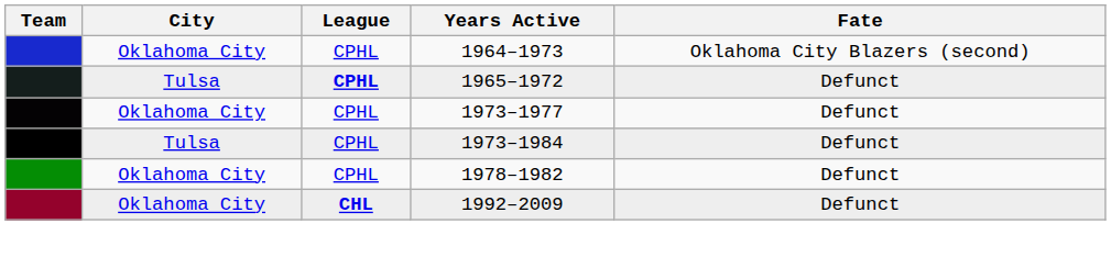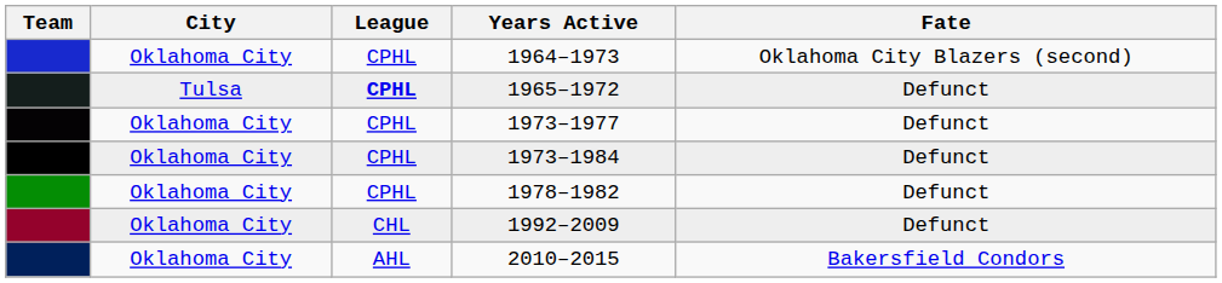 <table class="wikitable sortable" width="60%">
 <tr>
 <th>Team</th>
 <th>City</th>
 <th>League</th>
 <th>Years Active</th>
 <th>Fate</th>
 </tr>
 <tr align=center>
 <td style="color:white; background:#1829ce"><strong><a href='#'></a></strong></td>
 <td><a href='#'>Oklahoma City</a></td>
 <td><a href='#'>CPHL</a></td>
 <td>1964–1973</td>
 <td>Oklahoma City Blazers (second)</td>
 </tr>
 <tr align=center bgcolor=eeeeee>
 <td style="color:white; background:#141e1c; "><strong><a href='#'></a></strong></td>
 <td><a href='#'>Tulsa</a></td>
 <td><strong><a href='#'>CPHL</a></strong></td>
 <td>1965–1972</td>
 <td>Defunct</td>
 </tr>
 <tr align=center>
 <td style="color:white; background:#040204; "><strong><a href='#'></a></strong></td>
 <td><a href='#'>Oklahoma City</a></td>
 <td><a href='#'>CPHL</a></td>
 <td>1973–1977</td>
 <td>Defunct</td>
 </tr>
 <tr align=center bgcolor=eeeeee>
 <td style="color:white; background:#000000"><strong><a href='#'></a></strong></td>
-<td><a href='#'>Tulsa</a></td>
+<td><a href='#'>Oklahoma City</a></td>
 <td><a href='#'>CPHL</a></td>
 <td>1973–1984</td>
 <td>Defunct</td>
 </tr>
 <tr align=center>
 <td style="color:white; background:#048d04; "><strong><a href='#'></a></strong></td>
 <td><a href='#'>Oklahoma City</a></td>
 <td><a href='#'>CPHL</a></td>
 <td>1978–1982</td>
 <td>Defunct</td>
 </tr>
 <tr align=center bgcolor=eeeeee>
 <td style="color:white; background:#94022c; "><strong><a href='#'></a></strong></td>
 <td><a href='#'>Oklahoma City</a></td>
-<td><strong><a href='#'>CHL</a></strong></td>
+<td><a href='#'>CHL</a></td>
 <td>1992–2009</td>
 <td>Defunct</td>
 </tr>
+<tr align=center>
+<td style="color:white; background:#00205B; "><strong><a href='#'></a></strong></td>
+<td><a href='#'>Oklahoma City</a></td>
+<td><a href='#'>AHL</a></td>
+<td>2010–2015</td>
+<td><a href='#'>Bakersfield Condors</a></td>
+</tr>
 </table>
